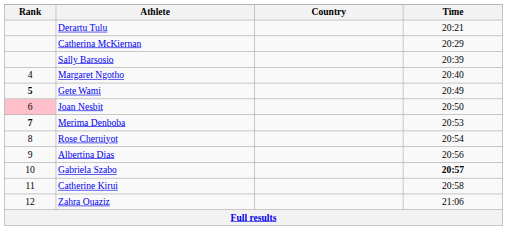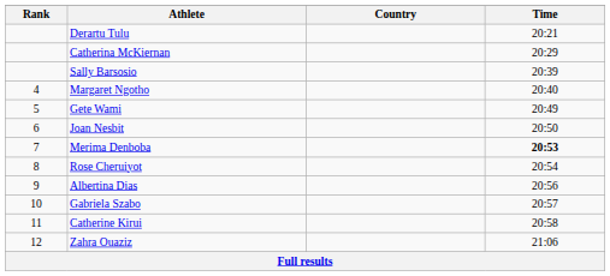 <table class="wikitable sortable" style=" text-align:center; font-size:95%;" width="50%">
 <tr>
 </tr>
 <tr>
 <th width=5%>Rank</th>
 <th width=20%>Athlete</th>
 <th width=15%>Country</th>
 <th width=10%>Time</th>
 </tr>
 <tr>
 <td align=center></td>
 <td align=left><a href='#'>Derartu Tulu</a></td>
 <td align=left></td>
 <td>20:21</td>
 </tr>
 <tr>
 <td align=center></td>
 <td align=left><a href='#'>Catherina McKiernan</a></td>
 <td align=left></td>
 <td>20:29</td>
 </tr>
 <tr>
 <td align=center></td>
 <td align=left><a href='#'>Sally Barsosio</a></td>
 <td align=left></td>
 <td>20:39</td>
 </tr>
 <tr>
 <td align=center>4</td>
 <td align=left><a href='#'>Margaret Ngotho</a></td>
 <td align=left></td>
 <td>20:40</td>
 </tr>
 <tr>
-<td align=center><strong>5</strong></td>
+<td align=center>5</td>
 <td align=left><a href='#'>Gete Wami</a></td>
 <td align=left></td>
 <td>20:49</td>
 </tr>
 <tr>
-<td align=center style="background: pink;">6</td>
+<td align=center>6</td>
 <td align=left><a href='#'>Joan Nesbit</a></td>
 <td align=left></td>
 <td>20:50</td>
 </tr>
 <tr>
-<td align=center><strong>7</strong></td>
+<td align=center>7</td>
 <td align=left><a href='#'>Merima Denboba</a></td>
 <td align=left></td>
-<td>20:53</td>
+<td><strong>20:53</strong></td>
 </tr>
 <tr>
 <td align=center>8</td>
 <td align=left><a href='#'>Rose Cheruiyot</a></td>
 <td align=left></td>
 <td>20:54</td>
 </tr>
 <tr>
 <td align=center>9</td>
 <td align=left><a href='#'>Albertina Dias</a></td>
 <td align=left></td>
 <td>20:56</td>
 </tr>
 <tr>
 <td align=center>10</td>
 <td align=left><a href='#'>Gabriela Szabo</a></td>
 <td align=left></td>
-<td><strong>20:57</strong></td>
+<td>20:57</td>
 </tr>
 <tr>
 <td align=center>11</td>
 <td align=left><a href='#'>Catherine Kirui</a></td>
 <td align=left></td>
 <td>20:58</td>
 </tr>
 <tr>
 <td align=center>12</td>
 <td align=left><a href='#'>Zahra Ouaziz</a></td>
 <td align=left></td>
 <td>21:06</td>
 </tr>
 <tr class="sortbottom">
 <th colspan=4 align=center><a href='#'>Full results</a></th>
 </tr>
 </table>
